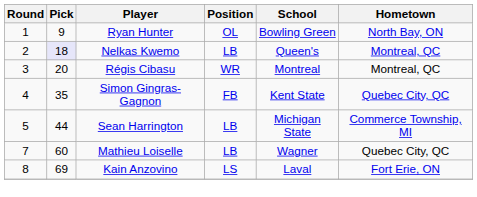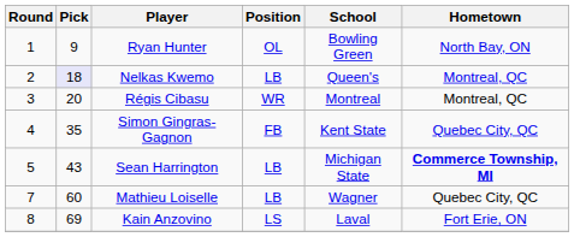 <table class="wikitable" style="font-size: 95%;">
 <tr>
 <th scope="col">Round</th>
 <th scope="col">Pick</th>
 <th scope="col">Player</th>
 <th scope="col">Position</th>
 <th scope="col">School</th>
 <th scope="col">Hometown</th>
 </tr>
 <tr align="center">
 <td align=center>1</td>
 <td>9</td>
 <td><a href='#'>Ryan Hunter</a></td>
 <td><a href='#'>OL</a></td>
 <td><a href='#'>Bowling Green</a></td>
 <td><a href='#'>North Bay, ON</a></td>
 </tr>
 <tr align="center">
 <td align=center>2</td>
 <td style="background: lavender;">18</td>
 <td><a href='#'>Nelkas Kwemo</a></td>
 <td><a href='#'>LB</a></td>
 <td><a href='#'>Queen's</a></td>
 <td><a href='#'>Montreal, QC</a></td>
 </tr>
 <tr align="center">
 <td align=center>3</td>
 <td>20</td>
 <td><a href='#'>Régis Cibasu</a></td>
 <td><a href='#'>WR</a></td>
 <td><a href='#'>Montreal</a></td>
 <td>Montreal, QC</td>
 </tr>
 <tr align="center">
 <td align=center>4</td>
 <td>35</td>
 <td><a href='#'>Simon Gingras-Gagnon</a></td>
 <td><a href='#'>FB</a></td>
 <td><a href='#'>Kent State</a></td>
 <td><a href='#'>Quebec City, QC</a></td>
 </tr>
 <tr align="center">
 <td align=center>5</td>
-<td>44</td>
+<td>43</td>
 <td><a href='#'>Sean Harrington</a></td>
 <td><a href='#'>LB</a></td>
 <td><a href='#'>Michigan State</a></td>
-<td><a href='#'>Commerce Township, MI</a></td>
+<td><strong><a href='#'>Commerce Township, MI</a></strong></td>
 </tr>
 <tr align="center">
 <td align=center>7</td>
 <td>60</td>
 <td><a href='#'>Mathieu Loiselle</a></td>
 <td><a href='#'>LB</a></td>
 <td><a href='#'>Wagner</a></td>
 <td>Quebec City, QC</td>
 </tr>
 <tr align="center">
 <td align=center>8</td>
 <td>69</td>
 <td><a href='#'>Kain Anzovino</a></td>
 <td><a href='#'>LS</a></td>
 <td><a href='#'>Laval</a></td>
 <td><a href='#'>Fort Erie, ON</a></td>
 </tr>
 <tr>
 </tr>
 </table>
